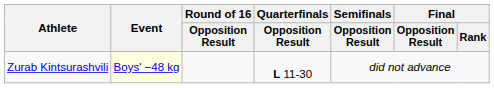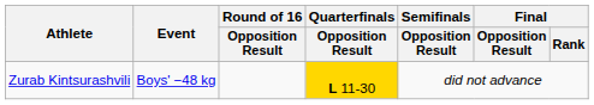 <table class="wikitable" style="font-size:90%;">
 <tr>
 <th rowspan=2>Athlete</th>
 <th rowspan=2>Event</th>
 <th>Round of 16</th>
 <th>Quarterfinals</th>
 <th>Semifinals</th>
 <th colspan=2>Final</th>
 </tr>
 <tr style="font-size:95%">
 <th>Opposition<br>Result</th>
 <th>Opposition<br>Result</th>
 <th>Opposition<br>Result</th>
 <th>Opposition<br>Result</th>
 <th>Rank</th>
 </tr>
 <tr align=center>
 <td align=left><a href='#'>Zurab Kintsurashvili</a></td>
-<td align=left style="background: lightyellow;"><a href='#'>Boys' −48 kg</a></td>
+<td align=left><a href='#'>Boys' −48 kg</a></td>
 <td></td>
-<td><br> <strong>L</strong> 11-30</td>
+<td style="background: gold;"><br> <strong>L</strong> 11-30</td>
 <td colspan=3><em>did not advance</em></td>
 </tr>
 </table>
